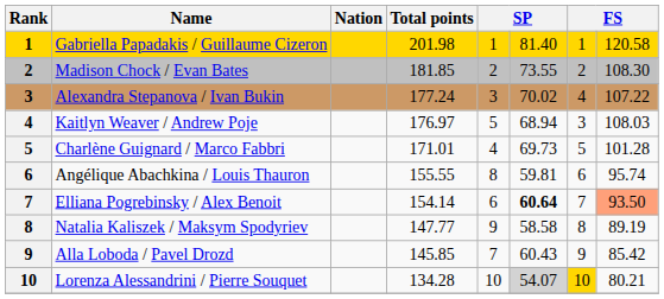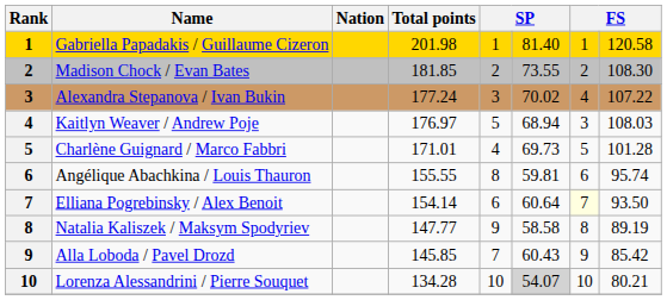 <table class="wikitable sortable">
 <tr>
 <th>Rank</th>
 <th>Name</th>
 <th>Nation</th>
 <th>Total points</th>
 <th colspan="2" width="80px"><a href='#'>SP</a></th>
 <th colspan="2" width="80px"><a href='#'>FS</a></th>
 </tr>
 <tr bgcolor="gold">
 <td align="center"><strong>1</strong></td>
 <td><a href='#'>Gabriella Papadakis</a> / <a href='#'>Guillaume Cizeron</a></td>
 <td></td>
 <td align="center">201.98</td>
 <td align="center">1</td>
 <td align="center">81.40</td>
 <td align="center">1</td>
 <td align="center">120.58</td>
 </tr>
 <tr bgcolor="silver">
 <td align="center"><strong>2</strong></td>
 <td><a href='#'>Madison Chock</a> / <a href='#'>Evan Bates</a></td>
 <td></td>
 <td align="center">181.85</td>
 <td align="center">2</td>
 <td align="center">73.55</td>
 <td align="center">2</td>
 <td align="center">108.30</td>
 </tr>
 <tr bgcolor="cc9966">
 <td align="center"><strong>3</strong></td>
 <td><a href='#'>Alexandra Stepanova</a> / <a href='#'>Ivan Bukin</a></td>
 <td></td>
 <td align="center">177.24</td>
 <td align="center">3</td>
 <td align="center">70.02</td>
 <td align="center">4</td>
 <td align="center">107.22</td>
 </tr>
 <tr>
 <th>4</th>
 <td><a href='#'>Kaitlyn Weaver</a> / <a href='#'>Andrew Poje</a></td>
 <td></td>
 <td align="center">176.97</td>
 <td align="center">5</td>
 <td align="center">68.94</td>
 <td align="center">3</td>
 <td align="center">108.03</td>
 </tr>
 <tr>
 <th>5</th>
 <td><a href='#'>Charlène Guignard</a> / <a href='#'>Marco Fabbri</a></td>
 <td></td>
 <td align="center">171.01</td>
 <td align="center">4</td>
 <td align="center">69.73</td>
 <td align="center">5</td>
 <td align="center">101.28</td>
 </tr>
 <tr>
 <th>6</th>
 <td>Angélique Abachkina / <a href='#'>Louis Thauron</a></td>
 <td></td>
 <td align="center">155.55</td>
 <td align="center">8</td>
 <td align="center">59.81</td>
 <td align="center">6</td>
 <td align="center">95.74</td>
 </tr>
 <tr>
 <th>7</th>
 <td><a href='#'>Elliana Pogrebinsky</a> / <a href='#'>Alex Benoit</a></td>
 <td></td>
 <td align="center">154.14</td>
 <td align="center">6</td>
-<td align="center"><strong>60.64</strong></td>
-<td align="center">7</td>
-<td align="center" style="background: lightsalmon;">93.50</td>
+<td align="center">60.64</td>
+<td align="center" style="background: lightyellow;">7</td>
+<td align="center">93.50</td>
 </tr>
 <tr>
 <th>8</th>
 <td><a href='#'>Natalia Kaliszek</a> / <a href='#'>Maksym Spodyriev</a></td>
 <td></td>
 <td align="center">147.77</td>
 <td align="center">9</td>
 <td align="center">58.58</td>
 <td align="center">8</td>
 <td align="center">89.19</td>
 </tr>
 <tr>
 <th>9</th>
 <td><a href='#'>Alla Loboda</a> / <a href='#'>Pavel Drozd</a></td>
 <td></td>
 <td align="center">145.85</td>
 <td align="center">7</td>
 <td align="center">60.43</td>
 <td align="center">9</td>
 <td align="center">85.42</td>
 </tr>
 <tr>
 <th>10</th>
 <td><a href='#'>Lorenza Alessandrini</a> / <a href='#'>Pierre Souquet</a></td>
 <td></td>
 <td align="center">134.28</td>
 <td align="center">10</td>
 <td align="center" style="background: lightgrey;">54.07</td>
-<td align="center" style="background: gold;">10</td>
+<td align="center">10</td>
 <td align="center">80.21</td>
 </tr>
 <tr>
 </tr>
 </table>
